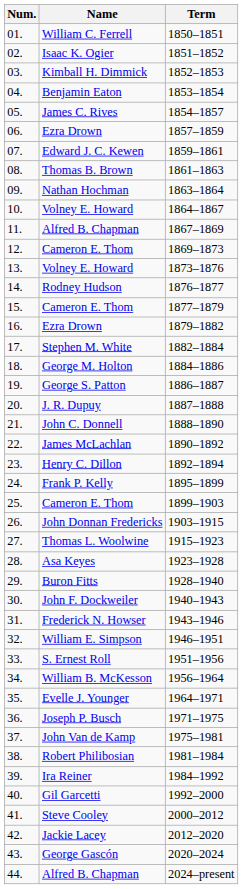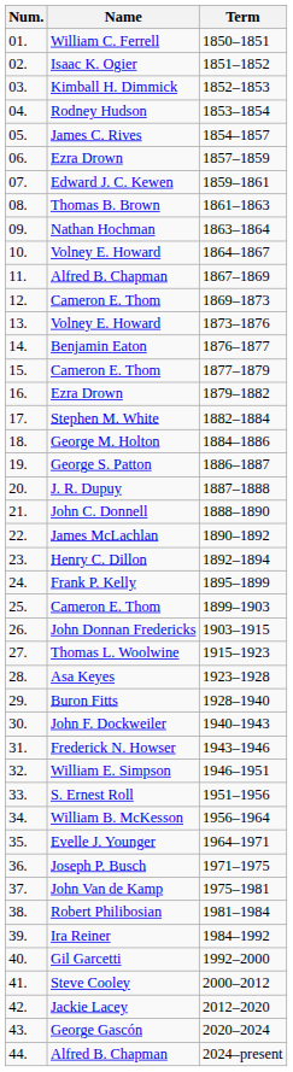 <table class="wikitable">
 <tr>
 <th>Num.</th>
 <th>Name</th>
 <th>Term</th>
 </tr>
 <tr>
 <td>01.</td>
 <td><a href='#'>William C. Ferrell</a></td>
 <td>1850–1851</td>
 </tr>
 <tr>
 <td>02.</td>
 <td><a href='#'>Isaac K. Ogier</a></td>
 <td>1851–1852</td>
 </tr>
 <tr>
 <td>03.</td>
 <td><a href='#'>Kimball H. Dimmick</a></td>
 <td>1852–1853</td>
 </tr>
 <tr>
 <td>04.</td>
-<td><a href='#'>Benjamin Eaton</a></td>
+<td><a href='#'>Rodney Hudson</a></td>
 <td>1853–1854</td>
 </tr>
 <tr>
 <td>05.</td>
 <td><a href='#'>James C. Rives</a></td>
 <td>1854–1857</td>
 </tr>
 <tr>
 <td>06.</td>
 <td><a href='#'>Ezra Drown</a></td>
 <td>1857–1859</td>
 </tr>
 <tr>
 <td>07.</td>
 <td><a href='#'>Edward J. C. Kewen</a></td>
 <td>1859–1861</td>
 </tr>
 <tr>
 <td>08.</td>
 <td><a href='#'>Thomas B. Brown</a></td>
 <td>1861–1863</td>
 </tr>
 <tr>
 <td>09.</td>
 <td><a href='#'>Nathan Hochman</a></td>
 <td>1863–1864</td>
 </tr>
 <tr>
 <td>10.</td>
 <td><a href='#'>Volney E. Howard</a></td>
 <td>1864–1867</td>
 </tr>
 <tr>
 <td>11.</td>
 <td><a href='#'>Alfred B. Chapman</a></td>
 <td>1867–1869</td>
 </tr>
 <tr>
 <td>12.</td>
 <td><a href='#'>Cameron E. Thom</a></td>
 <td>1869–1873</td>
 </tr>
 <tr>
 <td>13.</td>
 <td><a href='#'>Volney E. Howard</a></td>
 <td>1873–1876</td>
 </tr>
 <tr>
 <td>14.</td>
-<td><a href='#'>Rodney Hudson</a></td>
+<td><a href='#'>Benjamin Eaton</a></td>
 <td>1876–1877</td>
 </tr>
 <tr>
 <td>15.</td>
 <td><a href='#'>Cameron E. Thom</a></td>
 <td>1877–1879</td>
 </tr>
 <tr>
 <td>16.</td>
 <td><a href='#'>Ezra Drown</a></td>
 <td>1879–1882</td>
 </tr>
 <tr>
 <td>17.</td>
 <td><a href='#'>Stephen M. White</a></td>
 <td>1882–1884</td>
 </tr>
 <tr>
 <td>18.</td>
 <td><a href='#'>George M. Holton</a></td>
 <td>1884–1886</td>
 </tr>
 <tr>
 <td>19.</td>
 <td><a href='#'>George S. Patton</a></td>
 <td>1886–1887</td>
 </tr>
 <tr>
 <td>20.</td>
 <td><a href='#'>J. R. Dupuy</a></td>
 <td>1887–1888</td>
 </tr>
 <tr>
 <td>21.</td>
 <td><a href='#'>John C. Donnell</a></td>
 <td>1888–1890</td>
 </tr>
 <tr>
 <td>22.</td>
 <td><a href='#'>James McLachlan</a></td>
 <td>1890–1892</td>
 </tr>
 <tr>
 <td>23.</td>
 <td><a href='#'>Henry C. Dillon</a></td>
 <td>1892–1894</td>
 </tr>
 <tr>
 <td>24.</td>
 <td><a href='#'>Frank P. Kelly</a></td>
 <td>1895–1899</td>
 </tr>
 <tr>
 <td>25.</td>
 <td><a href='#'>Cameron E. Thom</a></td>
 <td>1899–1903</td>
 </tr>
 <tr>
 <td>26.</td>
 <td><a href='#'>John Donnan Fredericks</a></td>
 <td>1903–1915</td>
 </tr>
 <tr>
 <td>27.</td>
 <td><a href='#'>Thomas L. Woolwine</a></td>
 <td>1915–1923</td>
 </tr>
 <tr>
 <td>28.</td>
 <td><a href='#'>Asa Keyes</a></td>
 <td>1923–1928</td>
 </tr>
 <tr>
 <td>29.</td>
 <td><a href='#'>Buron Fitts</a></td>
 <td>1928–1940</td>
 </tr>
 <tr>
 <td>30.</td>
 <td><a href='#'>John F. Dockweiler</a></td>
 <td>1940–1943</td>
 </tr>
 <tr>
 <td>31.</td>
 <td><a href='#'>Frederick N. Howser</a></td>
 <td>1943–1946</td>
 </tr>
 <tr>
 <td>32.</td>
 <td><a href='#'>William E. Simpson</a></td>
 <td>1946–1951</td>
 </tr>
 <tr>
 <td>33.</td>
 <td><a href='#'>S. Ernest Roll</a></td>
 <td>1951–1956</td>
 </tr>
 <tr>
 <td>34.</td>
 <td><a href='#'>William B. McKesson</a></td>
 <td>1956–1964</td>
 </tr>
 <tr>
 <td>35.</td>
 <td><a href='#'>Evelle J. Younger</a></td>
 <td>1964–1971</td>
 </tr>
 <tr>
 <td>36.</td>
 <td><a href='#'>Joseph P. Busch</a></td>
 <td>1971–1975</td>
 </tr>
 <tr>
 <td>37.</td>
 <td><a href='#'>John Van de Kamp</a></td>
 <td>1975–1981</td>
 </tr>
 <tr>
 <td>38.</td>
 <td><a href='#'>Robert Philibosian</a></td>
 <td>1981–1984</td>
 </tr>
 <tr>
 <td>39.</td>
 <td><a href='#'>Ira Reiner</a></td>
 <td>1984–1992</td>
 </tr>
 <tr>
 <td>40.</td>
 <td><a href='#'>Gil Garcetti</a></td>
 <td>1992–2000</td>
 </tr>
 <tr>
 <td>41.</td>
 <td><a href='#'>Steve Cooley</a></td>
 <td>2000–2012</td>
 </tr>
 <tr>
 <td>42.</td>
 <td><a href='#'>Jackie Lacey</a></td>
 <td>2012–2020</td>
 </tr>
 <tr>
 <td>43.</td>
 <td><a href='#'>George Gascón</a></td>
 <td>2020–2024</td>
 </tr>
 <tr>
 <td>44.</td>
 <td><a href='#'>Alfred B. Chapman</a></td>
 <td>2024–present</td>
 </tr>
 </table>
